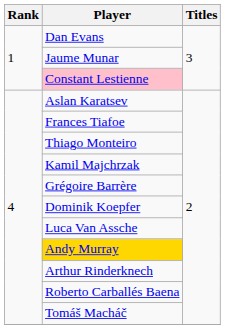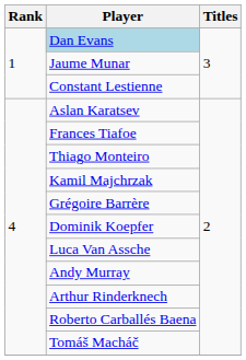 <table class=wikitable>
 <tr>
 <th>Rank</th>
 <th>Player</th>
 <th>Titles</th>
 </tr>
 <tr>
 <td rowspan=3>1</td>
-<td> <a href='#'>Dan Evans</a></td>
+<td style="background: lightblue;"> <a href='#'>Dan Evans</a></td>
 <td rowspan=3>3</td>
 </tr>
 <tr>
 <td> <a href='#'>Jaume Munar</a></td>
 </tr>
 <tr>
-<td style="background: pink;"> <a href='#'>Constant Lestienne</a></td>
+<td> <a href='#'>Constant Lestienne</a></td>
 </tr>
 <tr>
 <td rowspan=11>4</td>
 <td> <a href='#'>Aslan Karatsev</a></td>
 <td rowspan=11>2</td>
 </tr>
 <tr>
 <td> <a href='#'>Frances Tiafoe</a></td>
 </tr>
 <tr>
 <td> <a href='#'>Thiago Monteiro</a></td>
 </tr>
 <tr>
 <td> <a href='#'>Kamil Majchrzak</a></td>
 </tr>
 <tr>
 <td> <a href='#'>Grégoire Barrère</a></td>
 </tr>
 <tr>
 <td> <a href='#'>Dominik Koepfer</a></td>
 </tr>
 <tr>
 <td> <a href='#'>Luca Van Assche</a></td>
 </tr>
 <tr>
-<td style="background: gold;"> <a href='#'>Andy Murray</a></td>
+<td> <a href='#'>Andy Murray</a></td>
 </tr>
 <tr>
 <td> <a href='#'>Arthur Rinderknech</a></td>
 </tr>
 <tr>
 <td> <a href='#'>Roberto Carballés Baena</a></td>
 </tr>
 <tr>
 <td> <a href='#'>Tomáš Macháč</a></td>
 </tr>
 <tr>
 </tr>
 </table>
